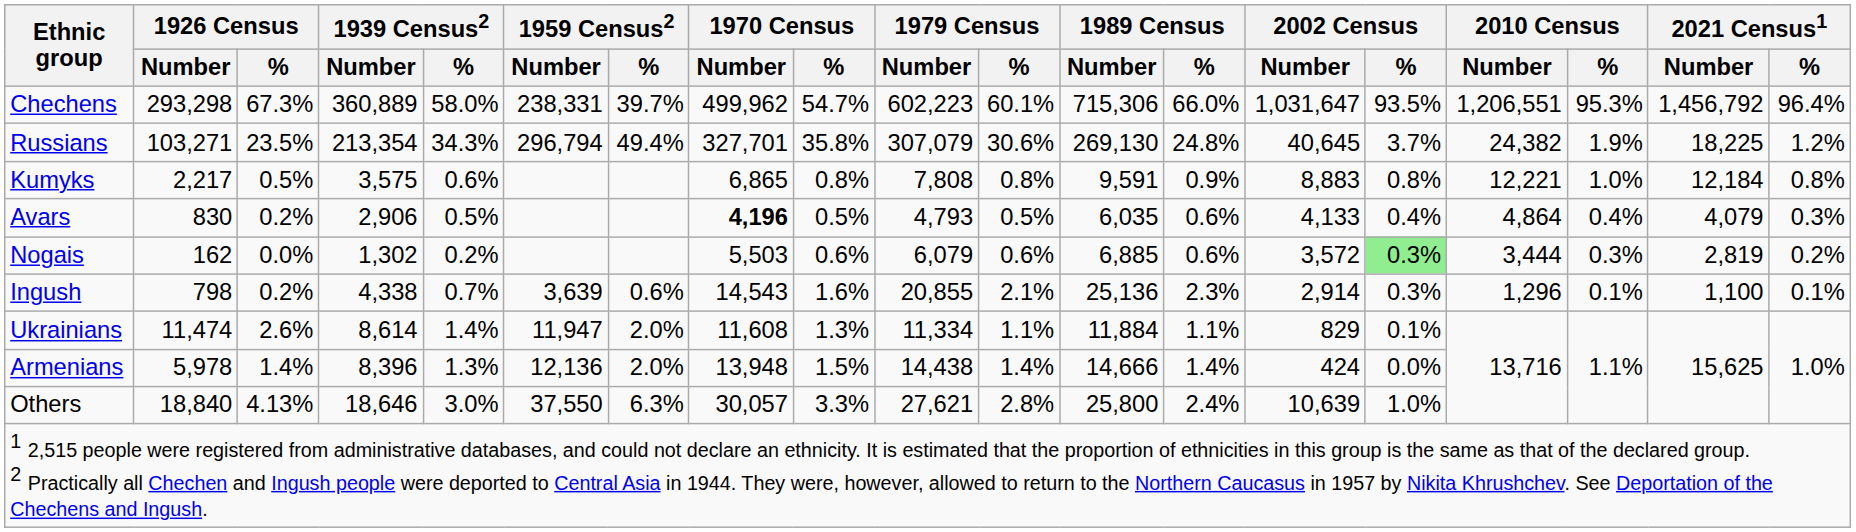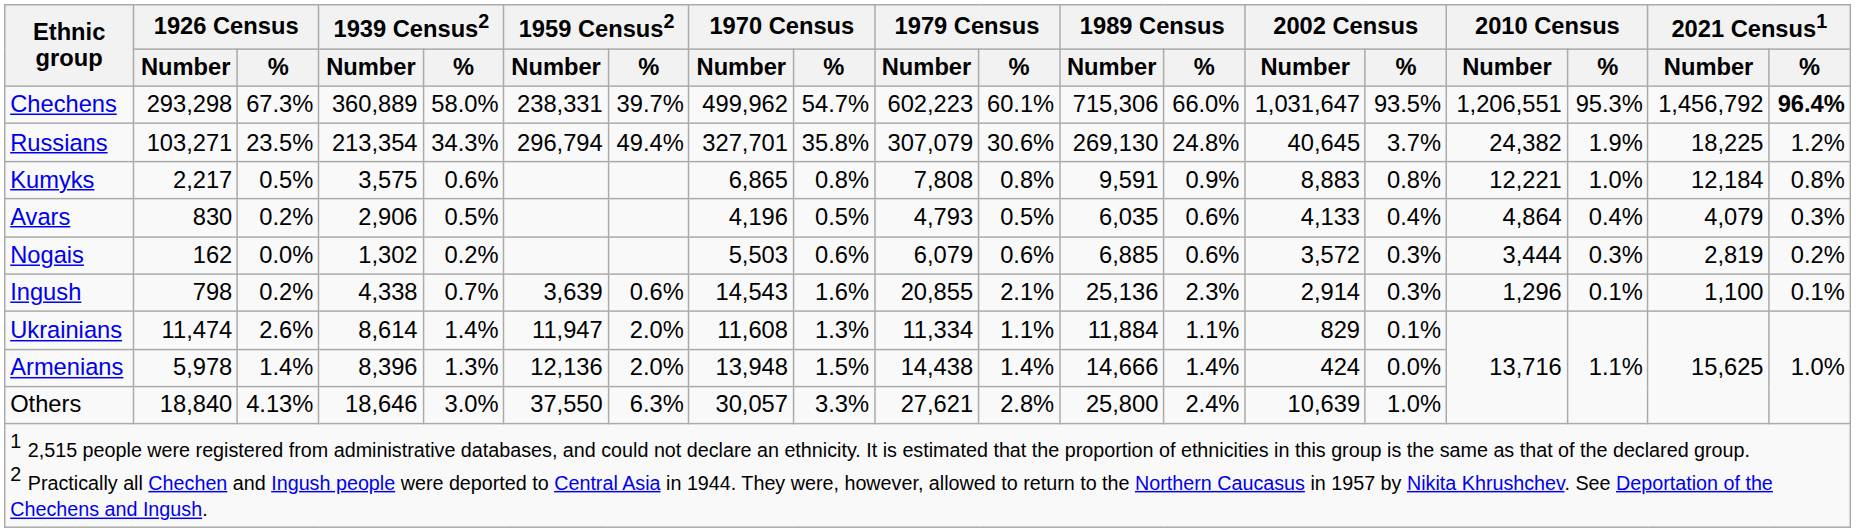 <table class="wikitable" style="text-align: right;">
 <tr style="background:#e0e0e0;">
 <th rowspan="2">Ethnic<br>group</th>
 <th colspan="2">1926 Census</th>
 <th colspan="2">1939 Census<sup>2</sup></th>
 <th colspan="2">1959 Census<sup>2</sup></th>
 <th colspan="2">1970 Census</th>
 <th colspan="2">1979 Census</th>
 <th colspan="2">1989 Census</th>
 <th colspan="2">2002 Census</th>
 <th colspan="2">2010 Census</th>
 <th colspan="2">2021 Census<sup>1</sup></th>
 </tr>
 <tr style="background:#e0e0e0;">
 <th>Number</th>
 <th>%</th>
 <th>Number</th>
 <th>%</th>
 <th>Number</th>
 <th>%</th>
 <th>Number</th>
 <th>%</th>
 <th>Number</th>
 <th>%</th>
 <th>Number</th>
 <th>%</th>
 <th>Number</th>
 <th>%</th>
 <th>Number</th>
 <th>%</th>
 <th>Number</th>
 <th>%</th>
 </tr>
 <tr>
 <td style="text-align:left;"><a href='#'>Chechens</a></td>
 <td>293,298</td>
 <td>67.3%</td>
 <td>360,889</td>
 <td>58.0%</td>
 <td>238,331</td>
 <td>39.7%</td>
 <td>499,962</td>
 <td>54.7%</td>
 <td>602,223</td>
 <td>60.1%</td>
 <td>715,306</td>
 <td>66.0%</td>
 <td>1,031,647</td>
 <td>93.5%</td>
 <td>1,206,551</td>
 <td>95.3%</td>
 <td>1,456,792</td>
-<td>96.4%</td>
+<td><strong>96.4%</strong></td>
 </tr>
 <tr>
 <td style="text-align:left;"><a href='#'>Russians</a></td>
 <td>103,271</td>
 <td>23.5%</td>
 <td>213,354</td>
 <td>34.3%</td>
 <td>296,794</td>
 <td>49.4%</td>
 <td>327,701</td>
 <td>35.8%</td>
 <td>307,079</td>
 <td>30.6%</td>
 <td>269,130</td>
 <td>24.8%</td>
 <td>40,645</td>
 <td>3.7%</td>
 <td>24,382</td>
 <td>1.9%</td>
 <td>18,225</td>
 <td>1.2%</td>
 </tr>
 <tr>
 <td style="text-align:left;"><a href='#'>Kumyks</a></td>
 <td>2,217</td>
 <td>0.5%</td>
 <td>3,575</td>
 <td>0.6%</td>
 <td></td>
 <td></td>
 <td>6,865</td>
 <td>0.8%</td>
 <td>7,808</td>
 <td>0.8%</td>
 <td>9,591</td>
 <td>0.9%</td>
 <td>8,883</td>
 <td>0.8%</td>
 <td>12,221</td>
 <td>1.0%</td>
 <td>12,184</td>
 <td>0.8%</td>
 </tr>
 <tr>
 <td style="text-align:left;"><a href='#'>Avars</a></td>
 <td>830</td>
 <td>0.2%</td>
 <td>2,906</td>
 <td>0.5%</td>
 <td></td>
 <td></td>
-<td><strong>4,196</strong></td>
+<td>4,196</td>
 <td>0.5%</td>
 <td>4,793</td>
 <td>0.5%</td>
 <td>6,035</td>
 <td>0.6%</td>
 <td>4,133</td>
 <td>0.4%</td>
 <td>4,864</td>
 <td>0.4%</td>
 <td>4,079</td>
 <td>0.3%</td>
 </tr>
 <tr>
 <td style="text-align:left;"><a href='#'>Nogais</a></td>
 <td>162</td>
 <td>0.0%</td>
 <td>1,302</td>
 <td>0.2%</td>
 <td></td>
 <td></td>
 <td>5,503</td>
 <td>0.6%</td>
 <td>6,079</td>
 <td>0.6%</td>
 <td>6,885</td>
 <td>0.6%</td>
 <td>3,572</td>
-<td style="background: lightgreen;">0.3%</td>
+<td>0.3%</td>
 <td>3,444</td>
 <td>0.3%</td>
 <td>2,819</td>
 <td>0.2%</td>
 </tr>
 <tr>
 <td style="text-align:left;"><a href='#'>Ingush</a></td>
 <td>798</td>
 <td>0.2%</td>
 <td>4,338</td>
 <td>0.7%</td>
 <td>3,639</td>
 <td>0.6%</td>
 <td>14,543</td>
 <td>1.6%</td>
 <td>20,855</td>
 <td>2.1%</td>
 <td>25,136</td>
 <td>2.3%</td>
 <td>2,914</td>
 <td>0.3%</td>
 <td>1,296</td>
 <td>0.1%</td>
 <td>1,100</td>
 <td>0.1%</td>
 </tr>
 <tr>
 <td style="text-align:left;"><a href='#'>Ukrainians</a></td>
 <td>11,474</td>
 <td>2.6%</td>
 <td>8,614</td>
 <td>1.4%</td>
 <td>11,947</td>
 <td>2.0%</td>
 <td>11,608</td>
 <td>1.3%</td>
 <td>11,334</td>
 <td>1.1%</td>
 <td>11,884</td>
 <td>1.1%</td>
 <td>829</td>
 <td>0.1%</td>
 <td rowspan="3">13,716</td>
 <td rowspan="3">1.1%</td>
 <td rowspan="3">15,625</td>
 <td rowspan="3">1.0%</td>
 </tr>
 <tr>
 <td align="left"><a href='#'>Armenians</a></td>
 <td>5,978</td>
 <td>1.4%</td>
 <td>8,396</td>
 <td>1.3%</td>
 <td>12,136</td>
 <td>2.0%</td>
 <td>13,948</td>
 <td>1.5%</td>
 <td>14,438</td>
 <td>1.4%</td>
 <td>14,666</td>
 <td>1.4%</td>
 <td>424</td>
 <td>0.0%</td>
 </tr>
 <tr>
 <td style="text-align:left;">Others</td>
 <td>18,840</td>
 <td>4.13%</td>
 <td>18,646</td>
 <td>3.0%</td>
 <td>37,550</td>
 <td>6.3%</td>
 <td>30,057</td>
 <td>3.3%</td>
 <td>27,621</td>
 <td>2.8%</td>
 <td>25,800</td>
 <td>2.4%</td>
 <td>10,639</td>
 <td>1.0%</td>
 </tr>
 <tr>
 <td colspan="19" style="text-align:left;"><sup>1</sup> <small>2,515 people were registered from administrative databases, and could not declare an ethnicity. It is estimated that the proportion of ethnicities in this group is the same as that of the declared group.</small><br><sup>2</sup> <small>Practically all <a href='#'>Chechen</a> and <a href='#'>Ingush people</a> were deported to <a href='#'>Central Asia</a> in 1944. They were, however, allowed to return to the <a href='#'>Northern Caucasus</a> in 1957 by <a href='#'>Nikita Khrushchev</a>. See <a href='#'>Deportation of the Chechens and Ingush</a>.</small></td>
 </tr>
 </table>
